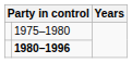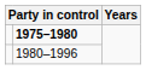 <table class="wikitable">
 <tr>
 <th colspan="2">Party in control</th>
 <th>Years</th>
 </tr>
 <tr>
 <td></td>
-<td>1975–1980</td>
+<td><strong>1975–1980</strong></td>
 </tr>
 <tr>
 <td></td>
-<td><strong>1980–1996</strong></td>
+<td>1980–1996</td>
 </tr>
 </table>
